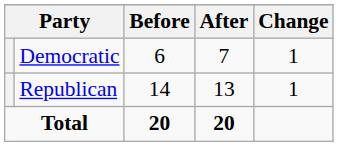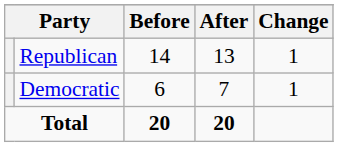 <table class="wikitable" style="text-align:center;">
 <tr>
 </tr>
 <tr>
 <th colspan=2>Party</th>
 <th>Before</th>
 <th>After</th>
 <th>Change</th>
 </tr>
 <tr>
 <th style="background-color:"></th>
-<td style="text-align:left;"><a href='#'>Democratic</a></td>
-<td>6</td>
-<td>7</td>
+<td style="text-align:left;"><a href='#'>Republican</a></td>
+<td>14</td>
+<td>13</td>
 <td> 1</td>
 </tr>
 <tr>
 <th style="background-color:"></th>
-<td style="text-align:left;"><a href='#'>Republican</a></td>
-<td>14</td>
-<td>13</td>
+<td style="text-align:left;"><a href='#'>Democratic</a></td>
+<td>6</td>
+<td>7</td>
 <td> 1</td>
 </tr>
 <tr>
 <td colspan=2><strong>Total</strong></td>
 <td><strong>20</strong></td>
 <td><strong>20</strong></td>
 <td></td>
 </tr>
 </table>
